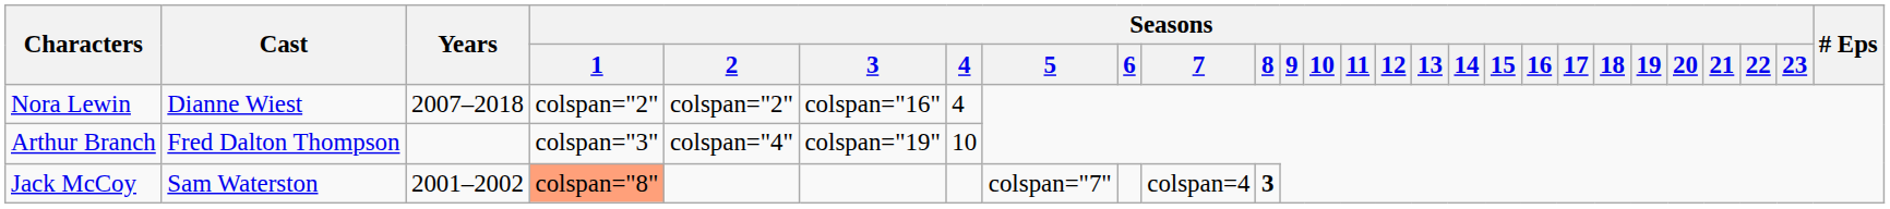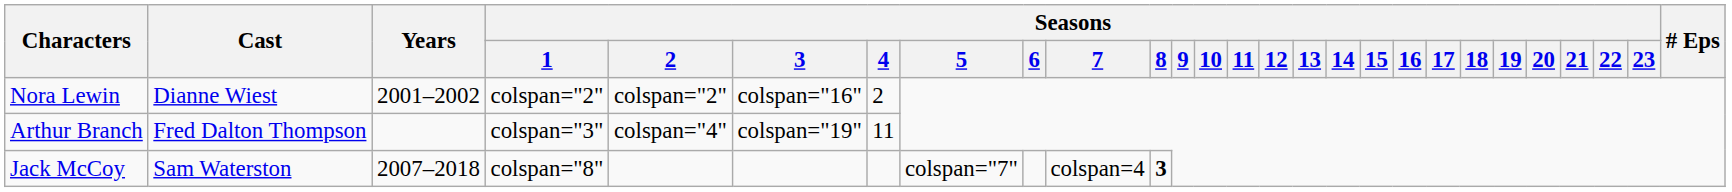 <table class="wikitable">
 <tr>
 <th rowspan="2">Characters</th>
 <th rowspan="2">Cast</th>
 <th rowspan="2">Years</th>
 <th colspan="23">Seasons</th>
 <th rowspan="2"># Eps</th>
 </tr>
 <tr>
 <th><a href='#'>1</a></th>
 <th><a href='#'>2</a></th>
 <th><a href='#'>3</a></th>
 <th><a href='#'>4</a></th>
 <th><a href='#'>5</a></th>
 <th><a href='#'>6</a></th>
 <th><a href='#'>7</a></th>
 <th><a href='#'>8</a></th>
 <th><a href='#'>9</a></th>
 <th><a href='#'>10</a></th>
 <th><a href='#'>11</a></th>
 <th><a href='#'>12</a></th>
 <th><a href='#'>13</a></th>
 <th><a href='#'>14</a></th>
 <th><a href='#'>15</a></th>
 <th><a href='#'>16</a></th>
 <th><a href='#'>17</a></th>
 <th><a href='#'>18</a></th>
 <th><a href='#'>19</a></th>
 <th><a href='#'>20</a></th>
 <th><a href='#'>21</a></th>
 <th><a href='#'>22</a></th>
 <th><a href='#'>23</a></th>
 </tr>
 <tr>
 <td><a href='#'>Nora Lewin</a></td>
 <td><a href='#'>Dianne Wiest</a></td>
-<td>2007–2018</td>
+<td>2001–2002</td>
 <td>colspan="2" </td>
 <td>colspan="2" </td>
 <td>colspan="16" </td>
-<td>4</td>
+<td>2</td>
 </tr>
 <tr>
 <td><a href='#'>Arthur Branch</a></td>
 <td><a href='#'>Fred Dalton Thompson</a></td>
 <td></td>
 <td>colspan="3" </td>
 <td>colspan="4" </td>
 <td>colspan="19" </td>
-<td>10</td>
+<td>11</td>
 </tr>
 <tr>
 <td><a href='#'>Jack McCoy</a></td>
 <td><a href='#'>Sam Waterston</a></td>
-<td>2001–2002</td>
-<td style="background: lightsalmon;">colspan="8" </td>
+<td>2007–2018</td>
+<td>colspan="8" </td>
 <td></td>
 <td></td>
 <td></td>
 <td>colspan="7" </td>
 <td></td>
 <td>colspan=4 </td>
 <td><strong>3</strong></td>
 </tr>
 </table>
